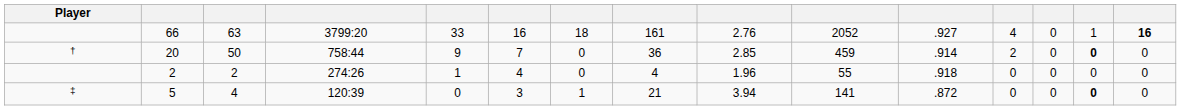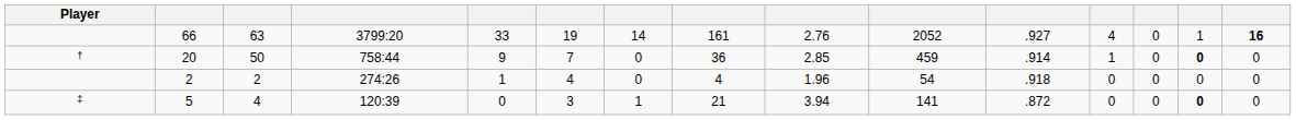 <table class="wikitable sortable" style="width:100%; text-align:center;">
 <tr>
 <th>Player</th>
 <th></th>
 <th></th>
 <th></th>
 <th></th>
 <th></th>
 <th></th>
 <th></th>
 <th></th>
 <th></th>
 <th></th>
 <th></th>
 <th></th>
 <th></th>
 <th></th>
 </tr>
 <tr>
 <td style=white-space:nowrap></td>
 <td>66</td>
 <td>63</td>
 <td>3799:20</td>
 <td>33</td>
-<td>16</td>
-<td>18</td>
+<td>19</td>
+<td>14</td>
 <td>161</td>
 <td>2.76</td>
 <td>2052</td>
 <td>.927</td>
 <td>4</td>
 <td>0</td>
 <td>1</td>
 <td><strong>16</strong></td>
 </tr>
 <tr>
 <td style=white-space:nowrap><sup>†</sup></td>
 <td>20</td>
 <td>50</td>
 <td>758:44</td>
 <td>9</td>
 <td>7</td>
 <td>0</td>
 <td>36</td>
 <td>2.85</td>
 <td>459</td>
 <td>.914</td>
-<td>2</td>
+<td>1</td>
 <td>0</td>
 <td><strong>0</strong></td>
 <td>0</td>
 </tr>
 <tr>
 <td style=white-space:nowrap></td>
 <td>2</td>
 <td>2</td>
 <td>274:26</td>
 <td>1</td>
 <td>4</td>
 <td>0</td>
 <td>4</td>
 <td>1.96</td>
-<td>55</td>
+<td>54</td>
 <td>.918</td>
 <td>0</td>
 <td>0</td>
 <td>0</td>
 <td>0</td>
 </tr>
 <tr>
 <td style=white-space:nowrap><sup>‡</sup></td>
 <td>5</td>
 <td>4</td>
 <td>120:39</td>
 <td>0</td>
 <td>3</td>
 <td>1</td>
 <td>21</td>
 <td>3.94</td>
 <td>141</td>
 <td>.872</td>
 <td>0</td>
 <td>0</td>
 <td><strong>0</strong></td>
 <td>0</td>
 </tr>
 </table>
